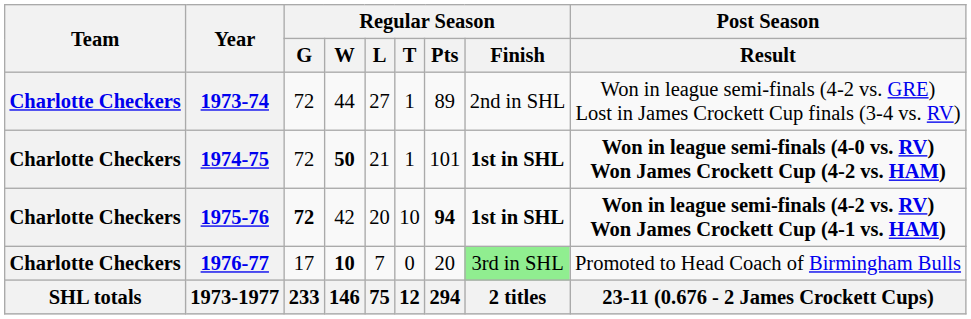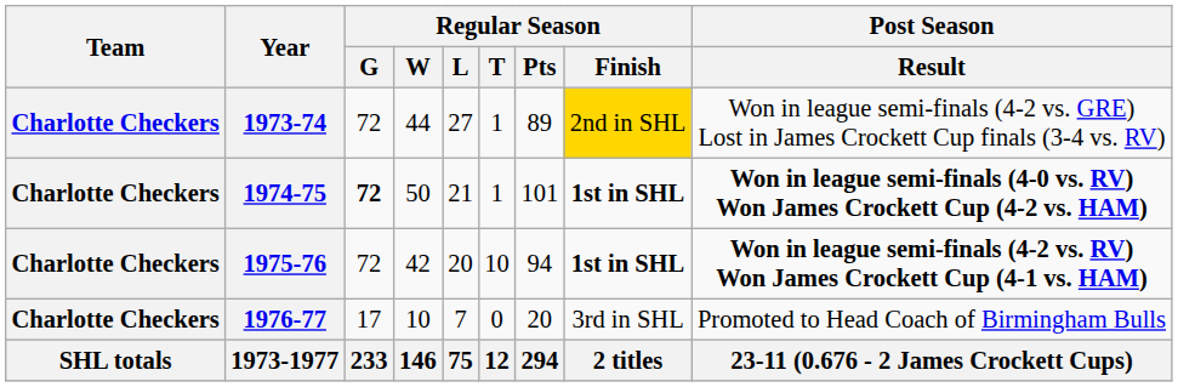 <table class="wikitable" style="font-size: 95%; text-align:center;">
 <tr>
 <th rowspan="2">Team</th>
 <th rowspan="2">Year</th>
 <th colspan="6">Regular Season</th>
 <th colspan="1">Post Season</th>
 </tr>
 <tr>
 <th>G</th>
 <th>W</th>
 <th>L</th>
 <th>T</th>
 <th>Pts</th>
 <th>Finish</th>
 <th>Result</th>
 </tr>
 <tr>
 <th><a href='#'>Charlotte Checkers</a></th>
 <th><a href='#'>1973-74</a></th>
 <td>72</td>
 <td>44</td>
 <td>27</td>
 <td>1</td>
 <td>89</td>
-<td>2nd in SHL</td>
+<td style="background: gold;">2nd in SHL</td>
 <td>Won in league semi-finals (4-2 vs. <a href='#'>GRE</a>) <br> Lost in James Crockett Cup finals (3-4 vs. <a href='#'>RV</a>)</td>
 </tr>
 <tr>
 <th>Charlotte Checkers</th>
 <th><a href='#'>1974-75</a></th>
-<td>72</td>
-<td><strong>50</strong></td>
+<td><strong>72</strong></td>
+<td>50</td>
 <td>21</td>
 <td>1</td>
 <td>101</td>
 <td><strong>1st in SHL</strong></td>
 <td><strong>Won in league semi-finals (4-0 vs. <a href='#'>RV</a>) <br> Won James Crockett Cup (4-2 vs. <a href='#'>HAM</a>)</strong></td>
 </tr>
 <tr>
 <th>Charlotte Checkers</th>
 <th><a href='#'>1975-76</a></th>
-<td><strong>72</strong></td>
+<td>72</td>
 <td>42</td>
 <td>20</td>
 <td>10</td>
-<td><strong>94</strong></td>
+<td>94</td>
 <td><strong>1st in SHL</strong></td>
 <td><strong>Won in league semi-finals (4-2 vs. <a href='#'>RV</a>) <br> Won James Crockett Cup (4-1 vs. <a href='#'>HAM</a>)</strong></td>
 </tr>
 <tr>
 <th>Charlotte Checkers</th>
 <th><a href='#'>1976-77</a></th>
 <td>17</td>
-<td><strong>10</strong></td>
+<td>10</td>
 <td>7</td>
 <td>0</td>
 <td>20</td>
-<td style="background: lightgreen;">3rd in SHL</td>
+<td>3rd in SHL</td>
 <td>Promoted to Head Coach of <a href='#'>Birmingham Bulls</a></td>
 </tr>
 <tr align="centre" bgcolor="#dddddd">
 <th>SHL totals</th>
 <th>1973-1977</th>
 <th>233</th>
 <th>146</th>
 <th>75</th>
 <th>12</th>
 <th>294</th>
 <th><strong>2 titles</strong></th>
 <th>23-11 (0.676 - 2 James Crockett Cups)</th>
 </tr>
 </table>
